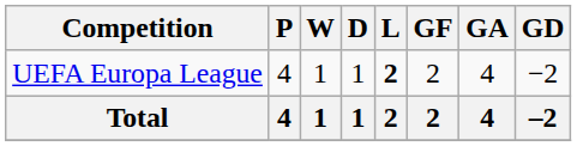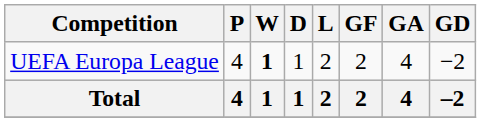 <table class="wikitable sortable" style="text-align:center">
 <tr>
 <th>Competition</th>
 <th>P</th>
 <th>W</th>
 <th>D</th>
 <th>L</th>
 <th>GF</th>
 <th>GA</th>
 <th>GD</th>
 </tr>
 <tr>
 <td><a href='#'>UEFA Europa League</a></td>
 <td>4</td>
+<td><strong>1</strong></td>
 <td>1</td>
-<td>1</td>
-<td><strong>2</strong></td>
+<td>2</td>
 <td>2</td>
 <td>4</td>
 <td>−2</td>
 </tr>
 <tr>
 <th><strong>Total</strong></th>
 <th><strong>4</strong></th>
 <th><strong>1</strong></th>
 <th><strong>1</strong></th>
 <th><strong>2</strong></th>
 <th><strong>2</strong></th>
 <th><strong>4</strong></th>
 <th><strong>–2</strong></th>
 </tr>
 <tr>
 </tr>
 </table>
